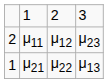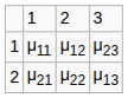 <table class="wikitable" style="float:right;">
 <tr>
 <td></td>
 <td>1</td>
 <td>2</td>
 <td>3</td>
 </tr>
 <tr>
-<td>2</td>
+<td>1</td>
 <td>μ<sub>11</sub></td>
 <td>μ<sub>12</sub></td>
 <td>μ<sub>23</sub></td>
 </tr>
 <tr>
-<td>1</td>
+<td>2</td>
 <td>μ<sub>21</sub></td>
 <td>μ<sub>22</sub></td>
 <td>μ<sub>13</sub></td>
 </tr>
 </table>
